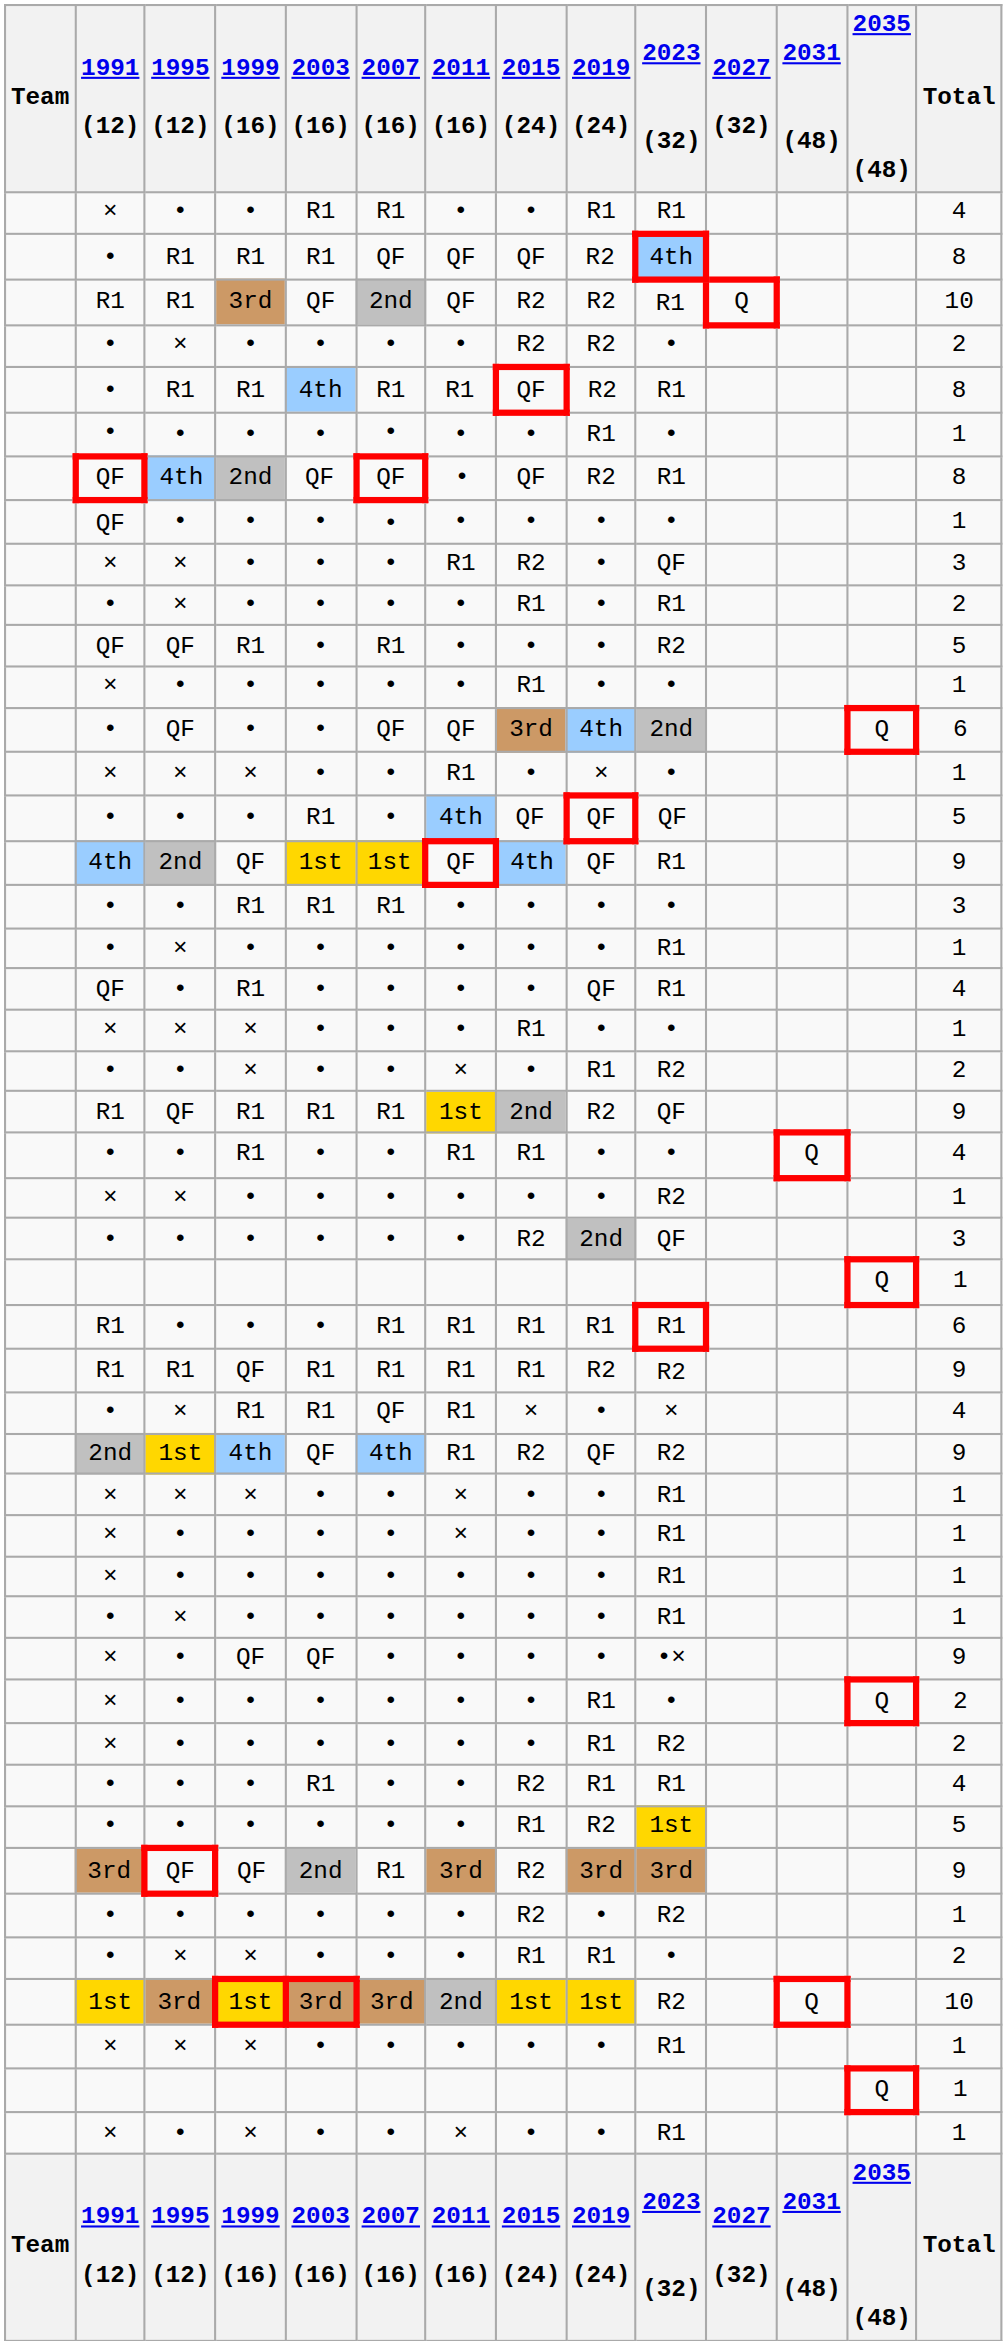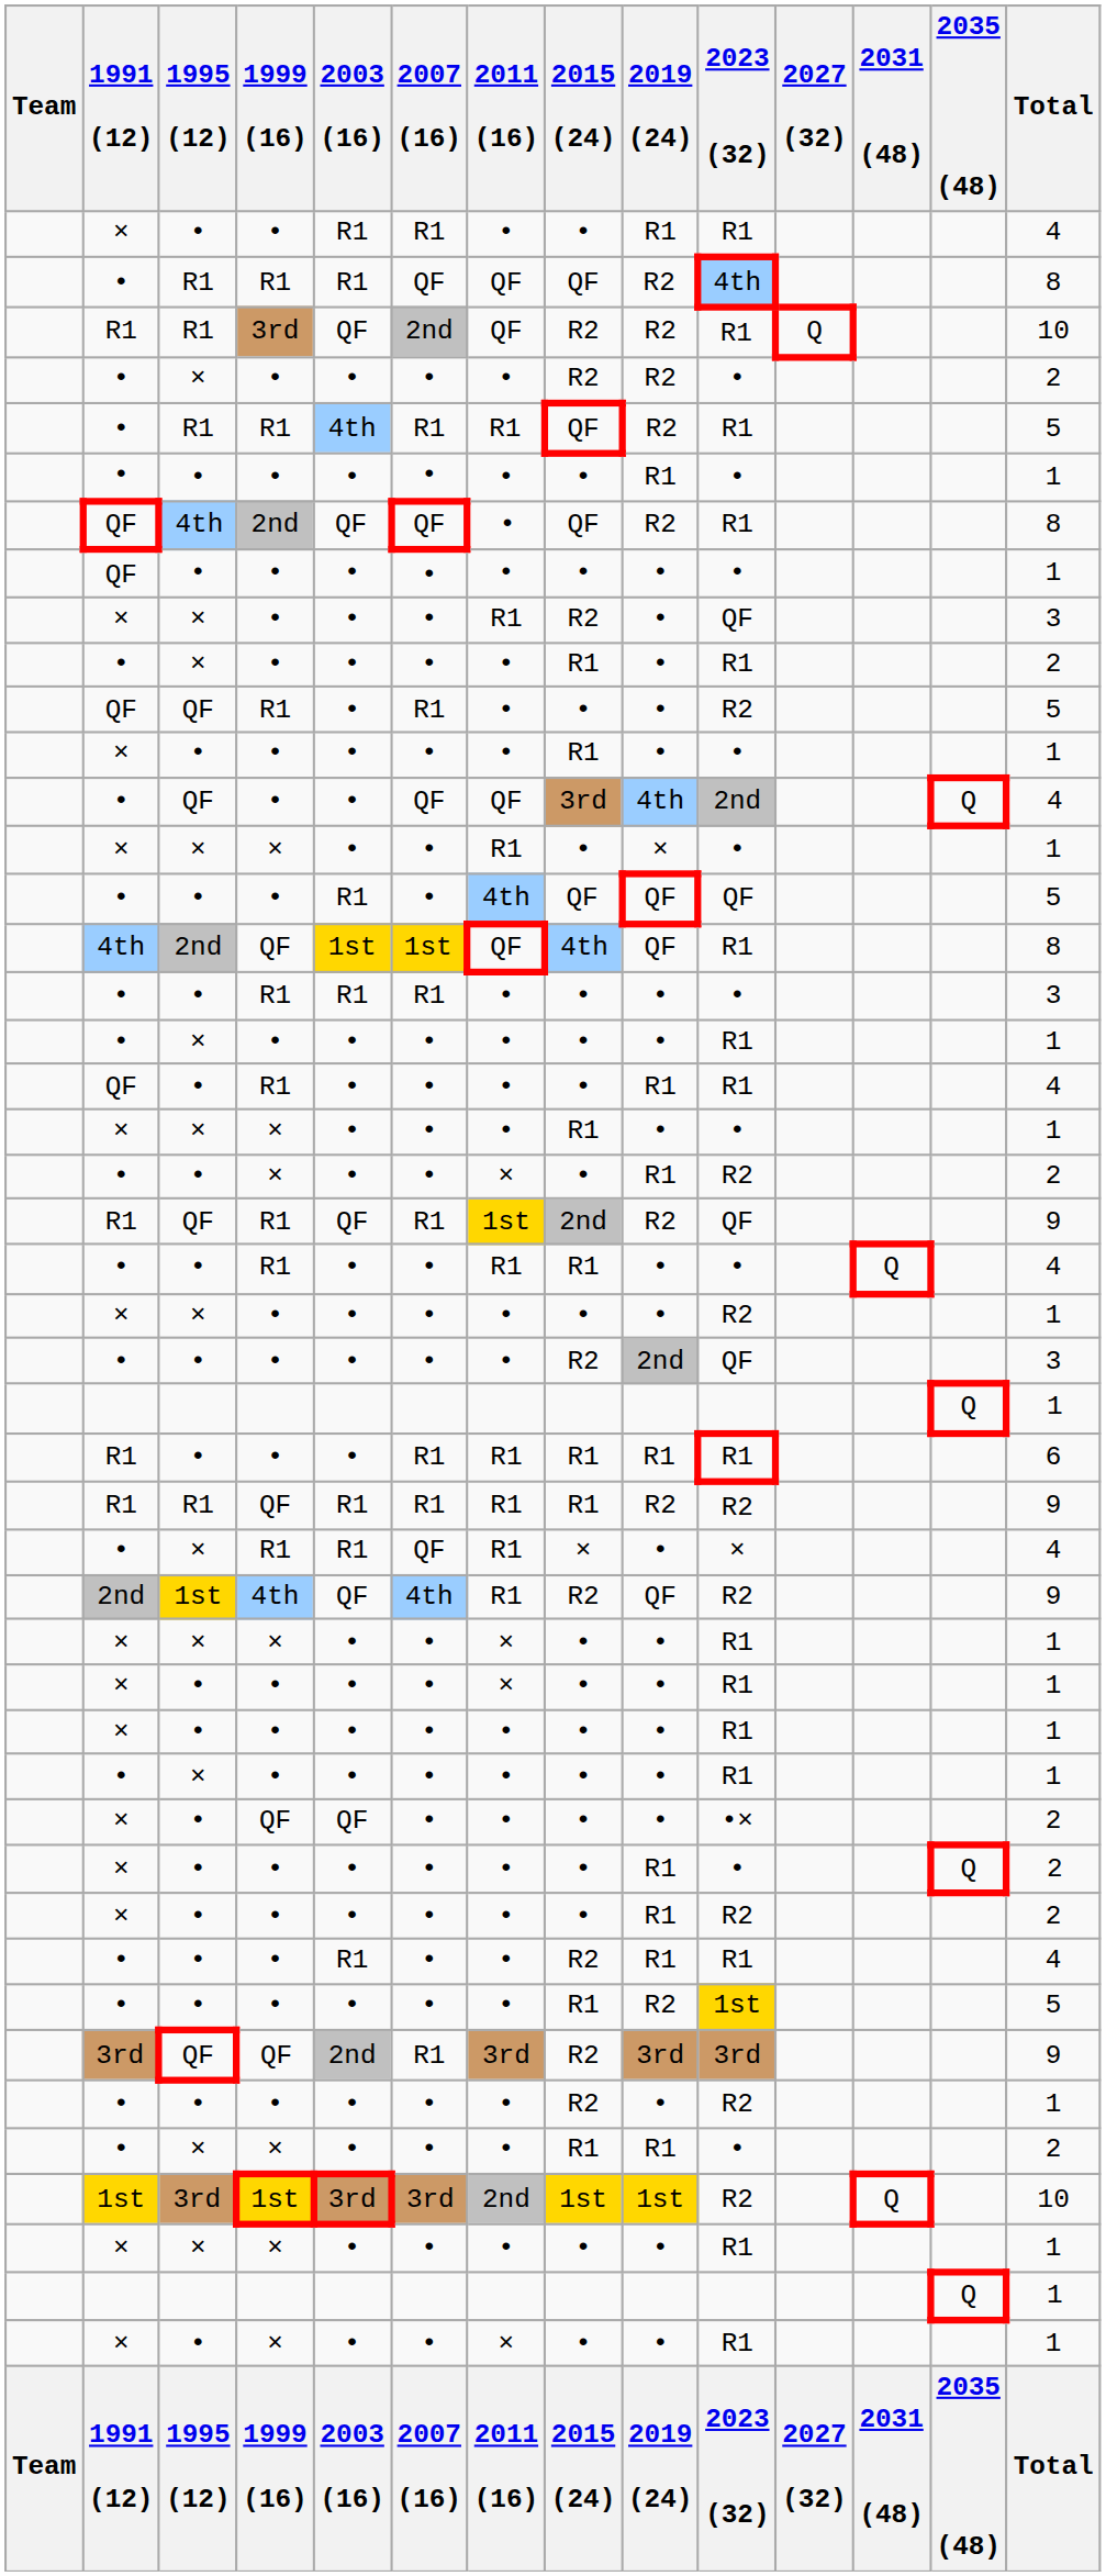 <table class="wikitable sortable" style="text-align:center; font-size:90%;">
 <tr>
 <th class=unsortable>Team</th>
 <th class=unsortable><a href='#'>1991</a><br><br>(12)</th>
 <th class=unsortable><a href='#'>1995</a><br><br>(12)</th>
 <th class=unsortable><a href='#'>1999</a><br><br>(16)</th>
 <th class=unsortable><a href='#'>2003</a><br><br>(16)</th>
 <th class=unsortable><a href='#'>2007</a><br><br>(16)</th>
 <th class=unsortable><a href='#'>2011</a><br><br>(16)</th>
 <th class=unsortable><a href='#'>2015</a><br><br>(24)</th>
 <th class=unsortable><a href='#'>2019</a><br><br>(24)</th>
 <th class=unsortable><a href='#'>2023</a><br><br><br>(32)</th>
 <th class=unsortable><a href='#'>2027</a><br><br>(32)</th>
 <th class=unsortable><a href='#'>2031</a><br><br><br>(48)</th>
 <th class=unsortable><a href='#'>2035</a><br><br><br><br><br>(48)</th>
 <th>Total</th>
 </tr>
 <tr align=center>
 <td align=left></td>
 <td>×</td>
 <td>•</td>
 <td>•</td>
 <td>R1<br></td>
 <td>R1<br></td>
 <td>•</td>
 <td>•</td>
 <td>R1<br></td>
 <td>R1<br></td>
 <td></td>
 <td></td>
 <td></td>
 <td>4</td>
 </tr>
 <tr align=center style>
 <td align=left></td>
 <td>•</td>
 <td>R1<br></td>
 <td>R1<br></td>
 <td>R1<br></td>
 <td>QF<br></td>
 <td>QF<br></td>
 <td>QF<br></td>
 <td>R2<br></td>
 <td style="border:3px solid red" bgcolor=#9acdff>4th</td>
 <td></td>
 <td></td>
 <td></td>
 <td>8</td>
 </tr>
 <tr align=center>
 <td align=left></td>
 <td>R1<br></td>
 <td>R1<br></td>
 <td bgcolor=#cc9966>3rd</td>
 <td>QF<br></td>
 <td bgcolor=silver>2nd</td>
 <td>QF<br></td>
 <td>R2<br></td>
 <td>R2<br></td>
 <td>R1<br></td>
 <td style="border:3px solid red">Q</td>
 <td></td>
 <td></td>
 <td>10</td>
 </tr>
 <tr align=center style>
 <td align=left></td>
 <td>•</td>
 <td>×</td>
 <td>•</td>
 <td>•</td>
 <td>•</td>
 <td>•</td>
 <td>R2<br></td>
 <td>R2<br></td>
 <td>•</td>
 <td></td>
 <td></td>
 <td></td>
 <td>2</td>
 </tr>
 <tr align=center>
 <td align=left></td>
 <td>•</td>
 <td>R1<br></td>
 <td>R1<br></td>
 <td bgcolor=#9acdff>4th</td>
 <td>R1<br></td>
 <td>R1<br></td>
 <td style="border:3px solid red">QF<br></td>
 <td>R2<br></td>
 <td>R1<br></td>
 <td></td>
 <td></td>
 <td></td>
-<td>8</td>
+<td>5</td>
 </tr>
 <tr align=center>
 <td align=left></td>
 <td>•</td>
 <td>•</td>
 <td>•</td>
 <td>•</td>
 <td>•</td>
 <td>•</td>
 <td>•</td>
 <td>R1<br></td>
 <td>•</td>
 <td></td>
 <td></td>
 <td></td>
 <td>1</td>
 </tr>
 <tr align=center style>
 <td align=left></td>
 <td style="border:3px solid red">QF<br></td>
 <td bgcolor=#9acdff>4th</td>
 <td bgcolor=silver>2nd</td>
 <td>QF<br></td>
 <td style="border:3px solid red">QF<br></td>
 <td>•</td>
 <td>QF<br></td>
 <td>R2<br></td>
 <td>R1<br></td>
 <td></td>
 <td></td>
 <td></td>
 <td>8</td>
 </tr>
 <tr align=center>
 <td align=left></td>
 <td>QF<br></td>
 <td>•</td>
 <td>•</td>
 <td>•</td>
 <td>•</td>
 <td>•</td>
 <td>•</td>
 <td>•</td>
 <td>•</td>
 <td></td>
 <td></td>
 <td></td>
 <td>1</td>
 </tr>
 <tr align=center style>
 <td align=left></td>
 <td>×</td>
 <td>×</td>
 <td>•</td>
 <td>•</td>
 <td>•</td>
 <td>R1<br></td>
 <td>R2<br></td>
 <td>•</td>
 <td>QF<br></td>
 <td></td>
 <td></td>
 <td></td>
 <td>3</td>
 </tr>
 <tr align=center>
 <td align=left></td>
 <td>•</td>
 <td>×</td>
 <td>•</td>
 <td>•</td>
 <td>•</td>
 <td>•</td>
 <td>R1<br></td>
 <td>•</td>
 <td>R1<br></td>
 <td></td>
 <td></td>
 <td></td>
 <td>2</td>
 </tr>
 <tr align=center style>
 <td align=left></td>
 <td>QF<br></td>
 <td>QF<br></td>
 <td>R1<br></td>
 <td>•</td>
 <td>R1<br></td>
 <td>•</td>
 <td>•</td>
 <td>•</td>
 <td>R2<br></td>
 <td></td>
 <td></td>
 <td></td>
 <td>5</td>
 </tr>
 <tr align=center>
 <td align=left></td>
 <td>×</td>
 <td>•</td>
 <td>•</td>
 <td>•</td>
 <td>•</td>
 <td>•</td>
 <td>R1<br></td>
 <td>•</td>
 <td>•</td>
 <td></td>
 <td></td>
 <td></td>
 <td>1</td>
 </tr>
 <tr align=center style>
 <td align=left></td>
 <td>•</td>
 <td>QF<br></td>
 <td>•</td>
 <td>•</td>
 <td>QF<br></td>
 <td>QF<br></td>
 <td bgcolor=#cc9966>3rd</td>
 <td bgcolor=#9acdff>4th</td>
 <td bgcolor=silver>2nd</td>
 <td></td>
 <td></td>
 <td style="border:3px solid red">Q</td>
-<td>6</td>
+<td>4</td>
 </tr>
 <tr align=center>
 <td align=left></td>
 <td>×</td>
 <td>×</td>
 <td>×</td>
 <td>•</td>
 <td>•</td>
 <td>R1<br></td>
 <td>•</td>
 <td>×</td>
 <td>•</td>
 <td></td>
 <td></td>
 <td></td>
 <td>1</td>
 </tr>
 <tr align=center style>
 <td align=left></td>
 <td>•</td>
 <td>•</td>
 <td>•</td>
 <td>R1<br></td>
 <td>•</td>
 <td bgcolor=#9acdff>4th</td>
 <td>QF<br></td>
 <td style="border:3px solid red">QF<br></td>
 <td>QF<br></td>
 <td></td>
 <td></td>
 <td></td>
 <td>5</td>
 </tr>
 <tr align=center>
 <td align=left></td>
 <td bgcolor=#9acdff>4th</td>
 <td bgcolor=silver>2nd</td>
 <td>QF<br></td>
 <td bgcolor="gold">1st</td>
 <td bgcolor="gold">1st</td>
 <td style="border:3px solid red">QF<br></td>
 <td bgcolor=#9acdff>4th</td>
 <td>QF<br></td>
 <td>R1<br></td>
 <td></td>
 <td></td>
 <td></td>
-<td>9</td>
+<td>8</td>
 </tr>
 <tr align=center style>
 <td align=left></td>
 <td>•</td>
 <td>•</td>
 <td>R1<br></td>
 <td>R1<br></td>
 <td>R1<br></td>
 <td>•</td>
 <td>•</td>
 <td>•</td>
 <td>•</td>
 <td></td>
 <td></td>
 <td></td>
 <td>3</td>
 </tr>
 <tr align=center style>
 <td align=left></td>
 <td>•</td>
 <td>×</td>
 <td>•</td>
 <td>•</td>
 <td>•</td>
 <td>•</td>
 <td>•</td>
 <td>•</td>
 <td>R1<br></td>
 <td></td>
 <td></td>
 <td></td>
 <td>1</td>
 </tr>
 <tr align=center>
 <td align=left></td>
 <td>QF<br></td>
 <td>•</td>
 <td>R1<br></td>
 <td>•</td>
 <td>•</td>
 <td>•</td>
 <td>•</td>
-<td>QF<br></td>
+<td>R1<br></td>
 <td>R1<br></td>
 <td></td>
 <td></td>
 <td></td>
 <td>4</td>
 </tr>
 <tr align=center style>
 <td align=left></td>
 <td>×</td>
 <td>×</td>
 <td>×</td>
 <td>•</td>
 <td>•</td>
 <td>•</td>
 <td>R1<br></td>
 <td>•</td>
 <td>•</td>
 <td></td>
 <td></td>
 <td></td>
 <td>1</td>
 </tr>
 <tr align=center>
 <td align=left></td>
 <td>•</td>
 <td>•</td>
 <td>×</td>
 <td>•</td>
 <td>•</td>
 <td>×</td>
 <td>•</td>
 <td>R1<br></td>
 <td>R2<br></td>
 <td></td>
 <td></td>
 <td></td>
 <td>2</td>
 </tr>
 <tr align=center>
 <td align=left></td>
 <td>R1<br></td>
 <td>QF<br></td>
 <td>R1<br></td>
-<td>R1<br></td>
+<td>QF<br></td>
 <td>R1<br></td>
 <td bgcolor=gold>1st</td>
 <td bgcolor=silver>2nd</td>
 <td>R2<br></td>
 <td>QF<br></td>
 <td></td>
 <td></td>
 <td></td>
 <td>9</td>
 </tr>
 <tr align=center style>
 <td align=left></td>
 <td>•</td>
 <td>•</td>
 <td>R1<br></td>
 <td>•</td>
 <td>•</td>
 <td>R1<br></td>
 <td>R1<br></td>
 <td>•</td>
 <td>•</td>
 <td></td>
 <td style="border:3px solid red">Q</td>
 <td></td>
 <td>4</td>
 </tr>
 <tr align=center>
 <td align=left></td>
 <td>×</td>
 <td>×</td>
 <td>•</td>
 <td>•</td>
 <td>•</td>
 <td>•</td>
 <td>•</td>
 <td>•</td>
 <td>R2<br></td>
 <td></td>
 <td></td>
 <td></td>
 <td>1</td>
 </tr>
 <tr align=center>
 <td align=left></td>
 <td>•</td>
 <td>•</td>
 <td>•</td>
 <td>•</td>
 <td>•</td>
 <td>•</td>
 <td>R2<br></td>
 <td bgcolor=silver>2nd</td>
 <td>QF<br></td>
 <td></td>
 <td></td>
 <td></td>
 <td>3</td>
 </tr>
 <tr align=center style>
 <td align=left></td>
 <td></td>
 <td></td>
 <td></td>
 <td></td>
 <td></td>
 <td></td>
 <td></td>
 <td></td>
 <td></td>
 <td></td>
 <td></td>
 <td style="border:3px solid red">Q</td>
 <td>1</td>
 </tr>
 <tr align=center style>
 <td align=left></td>
 <td>R1<br></td>
 <td>•</td>
 <td>•</td>
 <td>•</td>
 <td>R1<br></td>
 <td>R1<br></td>
 <td>R1<br></td>
 <td>R1<br></td>
 <td style="border:3px solid red">R1<br></td>
 <td></td>
 <td></td>
 <td></td>
 <td>6</td>
 </tr>
 <tr align=center>
 <td align=left></td>
 <td>R1<br></td>
 <td>R1<br></td>
 <td>QF<br></td>
 <td>R1<br></td>
 <td>R1<br></td>
 <td>R1<br></td>
 <td>R1<br></td>
 <td>R2<br></td>
 <td>R2<br></td>
 <td></td>
 <td></td>
 <td></td>
 <td>9</td>
 </tr>
 <tr align=center style>
 <td align=left></td>
 <td>•</td>
 <td>×</td>
 <td>R1<br></td>
 <td>R1<br></td>
 <td>QF<br></td>
 <td>R1<br></td>
 <td>×</td>
 <td>•</td>
 <td>×</td>
 <td></td>
 <td></td>
 <td></td>
 <td>4</td>
 </tr>
 <tr align=center style>
 <td align=left></td>
 <td bgcolor=silver>2nd</td>
 <td bgcolor=gold>1st</td>
 <td bgcolor=#9acdff>4th</td>
 <td>QF<br></td>
 <td bgcolor=#9acdff>4th</td>
 <td>R1<br></td>
 <td>R2<br></td>
 <td>QF<br></td>
 <td>R2<br></td>
 <td></td>
 <td></td>
 <td></td>
 <td>9</td>
 </tr>
 <tr align=center>
 <td align=left></td>
 <td>×</td>
 <td>×</td>
 <td>×</td>
 <td>•</td>
 <td>•</td>
 <td>×</td>
 <td>•</td>
 <td>•</td>
 <td>R1<br></td>
 <td></td>
 <td></td>
 <td></td>
 <td>1</td>
 </tr>
 <tr align=center>
 <td align=left></td>
 <td>×</td>
 <td>•</td>
 <td>•</td>
 <td>•</td>
 <td>•</td>
 <td>×</td>
 <td>•</td>
 <td>•</td>
 <td>R1<br></td>
 <td></td>
 <td></td>
 <td></td>
 <td>1</td>
 </tr>
 <tr align=center>
 <td align=left></td>
 <td>×</td>
 <td>•</td>
 <td>•</td>
 <td>•</td>
 <td>•</td>
 <td>•</td>
 <td>•</td>
 <td>•</td>
 <td>R1<br></td>
 <td></td>
 <td></td>
 <td></td>
 <td>1</td>
 </tr>
 <tr align=center>
 <td align=left></td>
 <td>•</td>
 <td>×</td>
 <td>•</td>
 <td>•</td>
 <td>•</td>
 <td>•</td>
 <td>•</td>
 <td>•</td>
 <td>R1<br></td>
 <td></td>
 <td></td>
 <td></td>
 <td>1</td>
 </tr>
 <tr align=center>
 <td align=left></td>
 <td>×</td>
 <td>•</td>
 <td>QF<br></td>
 <td>QF<br></td>
 <td>•</td>
 <td>•</td>
 <td>•</td>
 <td>•</td>
 <td>•×</td>
 <td></td>
 <td></td>
 <td></td>
-<td>9</td>
+<td>2</td>
 </tr>
 <tr align=center>
 <td align=left></td>
 <td>×</td>
 <td>•</td>
 <td>•</td>
 <td>•</td>
 <td>•</td>
 <td>•</td>
 <td>•</td>
 <td>R1<br></td>
 <td>•</td>
 <td></td>
 <td></td>
 <td style="border:3px solid red">Q</td>
 <td>2</td>
 </tr>
 <tr align=center>
 <td align=left></td>
 <td>×</td>
 <td>•</td>
 <td>•</td>
 <td>•</td>
 <td>•</td>
 <td>•</td>
 <td>•</td>
 <td>R1<br></td>
 <td>R2<br></td>
 <td></td>
 <td></td>
 <td></td>
 <td>2</td>
 </tr>
 <tr align=center>
 <td align=left></td>
 <td>•</td>
 <td>•</td>
 <td>•</td>
 <td>R1<br></td>
 <td>•</td>
 <td>•</td>
 <td>R2<br></td>
 <td>R1<br></td>
 <td>R1<br></td>
 <td></td>
 <td></td>
 <td></td>
 <td>4</td>
 </tr>
 <tr align=center style>
 <td align=left></td>
 <td>•</td>
 <td>•</td>
 <td>•</td>
 <td>•</td>
 <td>•</td>
 <td>•</td>
 <td>R1<br></td>
 <td>R2<br></td>
 <td bgcolor=gold>1st</td>
 <td></td>
 <td></td>
 <td></td>
 <td>5</td>
 </tr>
 <tr align=center>
 <td align=left></td>
 <td bgcolor=#cc9966>3rd</td>
 <td style="border:3px solid red">QF<br></td>
 <td>QF<br></td>
 <td bgcolor=silver>2nd</td>
 <td>R1<br></td>
 <td bgcolor=#cc9966>3rd</td>
 <td>R2<br></td>
 <td bgcolor=#cc9966>3rd</td>
 <td bgcolor=#cc9966>3rd</td>
 <td></td>
 <td></td>
 <td></td>
 <td>9</td>
 </tr>
 <tr align=center>
 <td align=left></td>
 <td>•</td>
 <td>•</td>
 <td>•</td>
 <td>•</td>
 <td>•</td>
 <td>•</td>
 <td>R2<br></td>
 <td>•</td>
 <td>R2<br></td>
 <td></td>
 <td></td>
 <td></td>
 <td>1</td>
 </tr>
 <tr align=center>
 <td align=left></td>
 <td>•</td>
 <td>×</td>
 <td>×</td>
 <td>•</td>
 <td>•</td>
 <td>•</td>
 <td>R1<br></td>
 <td>R1<br></td>
 <td>•</td>
 <td></td>
 <td></td>
 <td></td>
 <td>2</td>
 </tr>
 <tr align=center>
 <td align=left></td>
 <td bgcolor=gold>1st</td>
 <td bgcolor=#cc9966>3rd</td>
 <td style="border:3px solid red" bgcolor=gold>1st</td>
 <td style="border:3px solid red" bgcolor=#cc9966>3rd</td>
 <td bgcolor=#cc9966>3rd</td>
 <td bgcolor=silver>2nd</td>
 <td bgcolor=gold>1st</td>
 <td bgcolor=gold>1st</td>
 <td>R2<br></td>
 <td></td>
 <td style="border:3px solid red">Q</td>
 <td></td>
 <td>10</td>
 </tr>
 <tr align=center>
 <td align=left></td>
 <td>×</td>
 <td>×</td>
 <td>×</td>
 <td>•</td>
 <td>•</td>
 <td>•</td>
 <td>•</td>
 <td>•</td>
 <td>R1<br></td>
 <td></td>
 <td></td>
 <td></td>
 <td>1</td>
 </tr>
 <tr align=center>
 <td Align=left></td>
 <td></td>
 <td></td>
 <td></td>
 <td></td>
 <td></td>
 <td></td>
 <td></td>
 <td></td>
 <td></td>
 <td></td>
 <td></td>
 <td style="border:3px solid red">Q</td>
 <td>1</td>
 </tr>
 <tr align=center>
 <td align=left></td>
 <td>×</td>
 <td>•</td>
 <td>×</td>
 <td>•</td>
 <td>•</td>
 <td>×</td>
 <td>•</td>
 <td>•</td>
 <td>R1<br></td>
 <td></td>
 <td></td>
 <td></td>
 <td>1</td>
 </tr>
 <tr align=center>
 <th>Team</th>
 <th><a href='#'>1991</a><br><br>(12)</th>
 <th><a href='#'>1995</a><br><br>(12)</th>
 <th><a href='#'>1999</a><br><br>(16)</th>
 <th><a href='#'>2003</a><br><br>(16)</th>
 <th><a href='#'>2007</a><br><br>(16)</th>
 <th><a href='#'>2011</a><br><br>(16)</th>
 <th><a href='#'>2015</a><br><br>(24)</th>
 <th><a href='#'>2019</a><br><br>(24)</th>
 <th><a href='#'>2023</a><br><br><br>(32)</th>
 <th><a href='#'>2027</a><br><br>(32)</th>
 <th><a href='#'>2031</a><br><br><br>(48)</th>
 <th><a href='#'>2035</a><br><br><br><br><br>(48)</th>
 <th>Total</th>
 </tr>
 </table>
